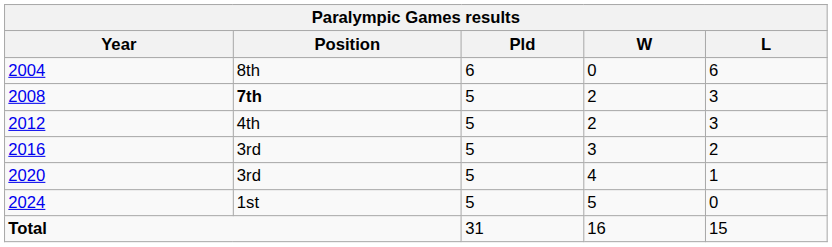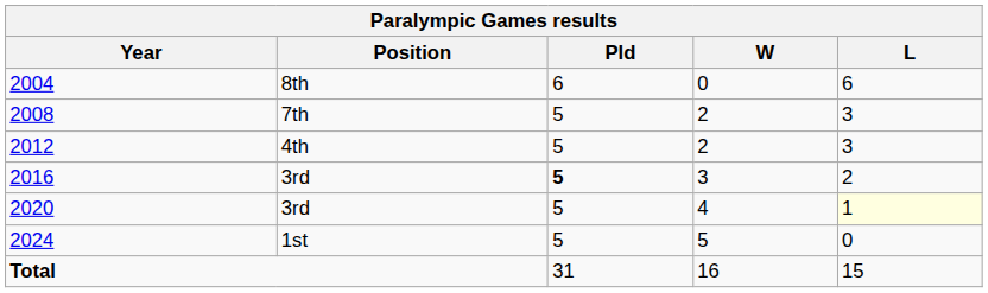 <table class="wikitable" style="width: 50%">
 <tr>
 <th colspan=5>Paralympic Games results</th>
 </tr>
 <tr>
 <th width=15%>Year</th>
 <th width=15%>Position</th>
 <th width=8%>Pld</th>
 <th width=8%>W</th>
 <th width=8%>L</th>
 </tr>
 <tr>
 <td> <a href='#'>2004</a></td>
 <td>8th</td>
 <td>6</td>
 <td>0</td>
 <td>6</td>
 </tr>
 <tr>
 <td> <a href='#'>2008</a></td>
-<td><strong>7th</strong></td>
+<td>7th</td>
 <td>5</td>
 <td>2</td>
 <td>3</td>
 </tr>
 <tr>
 <td> <a href='#'>2012</a></td>
 <td>4th</td>
 <td>5</td>
 <td>2</td>
 <td>3</td>
 </tr>
 <tr>
 <td> <a href='#'>2016</a></td>
 <td> 3rd</td>
-<td>5</td>
+<td><strong>5</strong></td>
 <td>3</td>
 <td>2</td>
 </tr>
 <tr>
 <td> <a href='#'>2020</a></td>
 <td> 3rd</td>
 <td>5</td>
 <td>4</td>
-<td>1</td>
+<td style="background: lightyellow;">1</td>
 </tr>
 <tr>
 <td> <a href='#'>2024</a></td>
 <td> 1st</td>
 <td>5</td>
 <td>5</td>
 <td>0</td>
 </tr>
 <tr>
 <td colspan="2"><strong>Total</strong></td>
 <td>31</td>
 <td>16</td>
 <td>15</td>
 </tr>
 </table>
